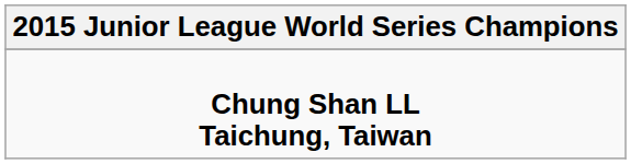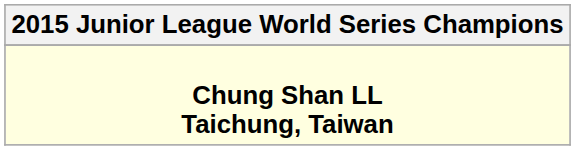 <table class="wikitable" style="text-align: center; margin: 0 auto;">
 <tr>
 <th>2015 Junior League World Series Champions</th>
 </tr>
 <tr>
 </tr>
 <tr>
-<td><br><strong>Chung Shan LL</strong><br><strong>Taichung, Taiwan</strong></td>
+<td style="background: lightyellow;"><br><strong>Chung Shan LL</strong><br><strong>Taichung, Taiwan</strong></td>
 </tr>
 </table>
